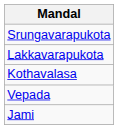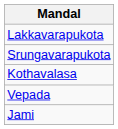 <table class="wikitable sortable static-row-numbers static-row-header-hash">
 <tr>
 <th>Mandal</th>
 </tr>
 <tr>
-<td><a href='#'>Srungavarapukota</a></td>
+<td><a href='#'>Lakkavarapukota</a></td>
 </tr>
 <tr>
-<td><a href='#'>Lakkavarapukota</a></td>
+<td><a href='#'>Srungavarapukota</a></td>
 </tr>
 <tr>
 <td><a href='#'>Kothavalasa</a></td>
 </tr>
 <tr>
 <td><a href='#'>Vepada</a></td>
 </tr>
 <tr>
 <td><a href='#'>Jami</a></td>
 </tr>
 </table>
